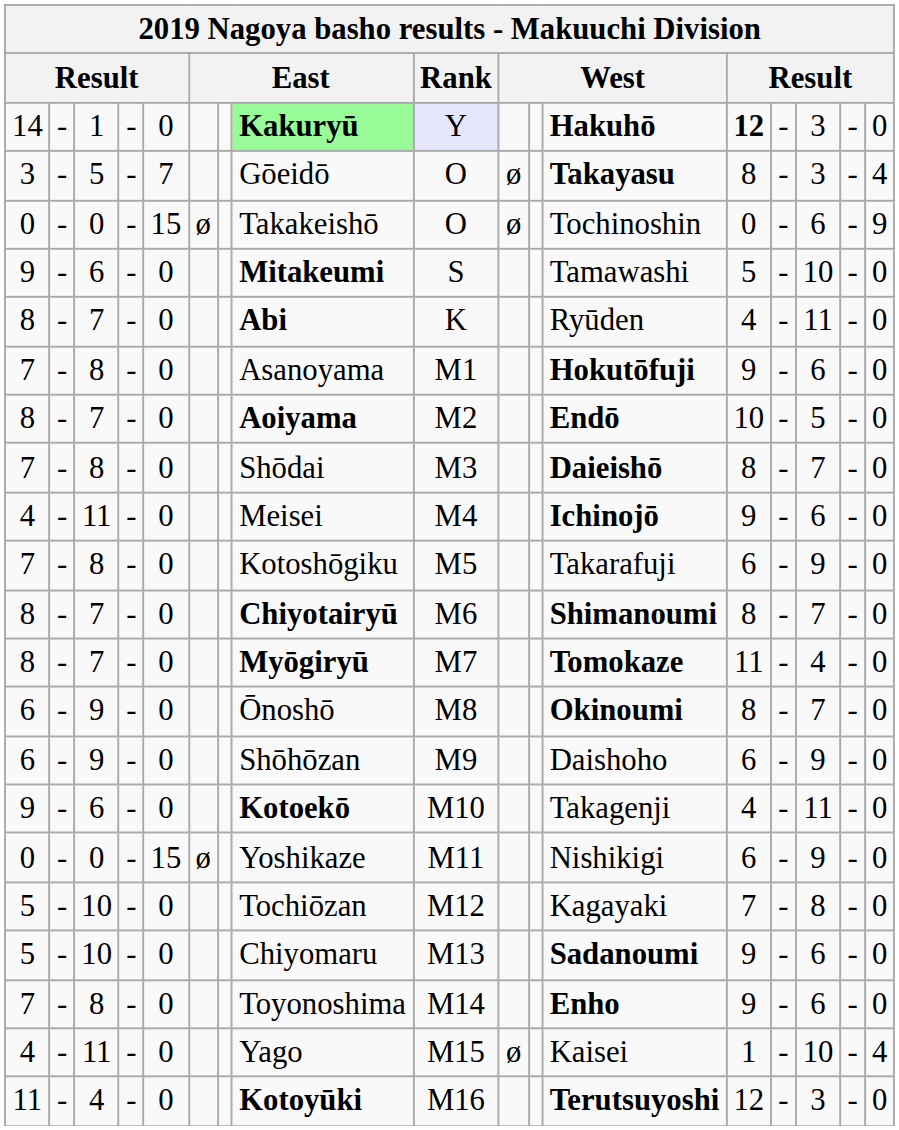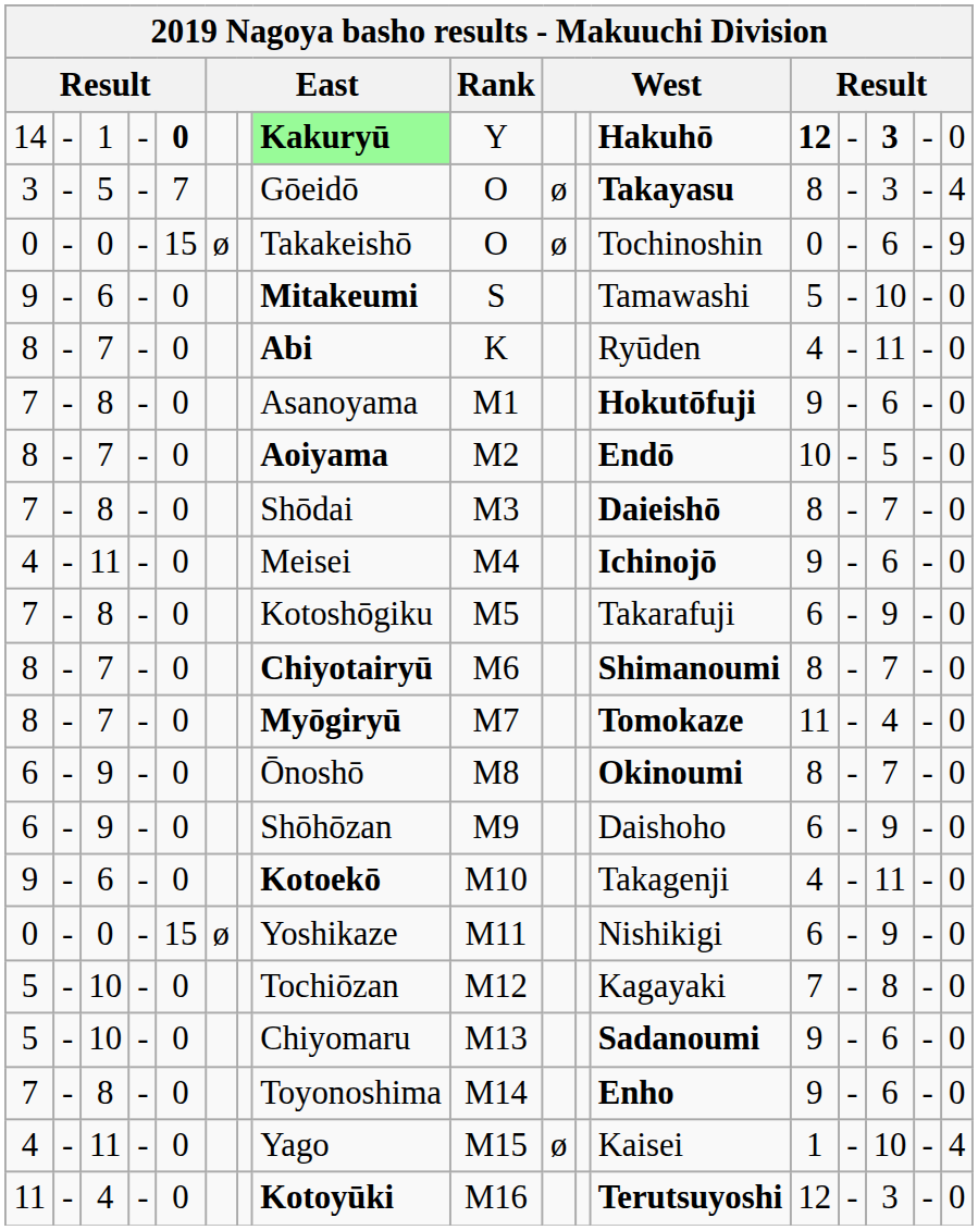 <table class="wikitable">
 <tr>
 <th colspan="17">2019 Nagoya basho results - Makuuchi Division</th>
 </tr>
 <tr>
 <th colspan="5">Result</th>
 <th colspan="3">East</th>
 <th>Rank</th>
 <th colspan="3">West</th>
 <th colspan="5">Result</th>
 </tr>
 <tr>
 <td align=center>14</td>
 <td align=center>-</td>
 <td align=center>1</td>
 <td align=center>-</td>
-<td align=center>0</td>
+<td align=center><strong>0</strong></td>
 <td align=center></td>
 <td align=center></td>
 <td style="background: PaleGreen;"><strong>Kakuryū</strong></td>
-<td align=center style="background: lavender;">Y</td>
+<td align=center>Y</td>
 <td align=center></td>
 <td align=center></td>
 <td><strong>Hakuhō</strong></td>
 <td align=center><strong>12</strong></td>
 <td align=center>-</td>
-<td align=center>3</td>
+<td align=center><strong>3</strong></td>
 <td align=center>-</td>
 <td align=center>0</td>
 </tr>
 <tr>
 <td align=center>3</td>
 <td align=center>-</td>
 <td align=center>5</td>
 <td align=center>-</td>
 <td align=center>7</td>
 <td align=center></td>
 <td align=center></td>
 <td>Gōeidō</td>
 <td align=center>O</td>
 <td align=center>ø</td>
 <td align=center></td>
 <td><strong>Takayasu</strong></td>
 <td align=center>8</td>
 <td align=center>-</td>
 <td align=center>3</td>
 <td align=center>-</td>
 <td align=center>4</td>
 </tr>
 <tr>
 <td align=center>0</td>
 <td align=center>-</td>
 <td align=center>0</td>
 <td align=center>-</td>
 <td align=center>15</td>
 <td align=center>ø</td>
 <td align=center></td>
 <td>Takakeishō</td>
 <td align=center>O</td>
 <td align=center>ø</td>
 <td align=center></td>
 <td>Tochinoshin</td>
 <td align=center>0</td>
 <td align=center>-</td>
 <td align=center>6</td>
 <td align=center>-</td>
 <td align=center>9</td>
 </tr>
 <tr>
 <td align=center>9</td>
 <td align=center>-</td>
 <td align=center>6</td>
 <td align=center>-</td>
 <td align=center>0</td>
 <td align=center></td>
 <td align=center></td>
 <td><strong>Mitakeumi</strong></td>
 <td align=center>S</td>
 <td align=center></td>
 <td align=center></td>
 <td>Tamawashi</td>
 <td align=center>5</td>
 <td align=center>-</td>
 <td align=center>10</td>
 <td align=center>-</td>
 <td align=center>0</td>
 </tr>
 <tr>
 <td align=center>8</td>
 <td align=center>-</td>
 <td align=center>7</td>
 <td align=center>-</td>
 <td align=center>0</td>
 <td align=center></td>
 <td align=center></td>
 <td><strong>Abi</strong></td>
 <td align=center>K</td>
 <td align=center></td>
 <td align=center></td>
 <td>Ryūden</td>
 <td align=center>4</td>
 <td align=center>-</td>
 <td align=center>11</td>
 <td align=center>-</td>
 <td align=center>0</td>
 </tr>
 <tr>
 <td align=center>7</td>
 <td align=center>-</td>
 <td align=center>8</td>
 <td align=center>-</td>
 <td align=center>0</td>
 <td align=center></td>
 <td align=center></td>
 <td>Asanoyama</td>
 <td align=center>M1</td>
 <td align=center></td>
 <td align=center></td>
 <td><strong>Hokutōfuji</strong></td>
 <td align=center>9</td>
 <td align=center>-</td>
 <td align=center>6</td>
 <td align=center>-</td>
 <td align=center>0</td>
 </tr>
 <tr>
 <td align=center>8</td>
 <td align=center>-</td>
 <td align=center>7</td>
 <td align=center>-</td>
 <td align=center>0</td>
 <td align=center></td>
 <td align=center></td>
 <td><strong>Aoiyama</strong></td>
 <td align=center>M2</td>
 <td align=center></td>
 <td align=center></td>
 <td><strong>Endō</strong></td>
 <td align=center>10</td>
 <td align=center>-</td>
 <td align=center>5</td>
 <td align=center>-</td>
 <td align=center>0</td>
 </tr>
 <tr>
 <td align=center>7</td>
 <td align=center>-</td>
 <td align=center>8</td>
 <td align=center>-</td>
 <td align=center>0</td>
 <td align=center></td>
 <td align=center></td>
 <td>Shōdai</td>
 <td align=center>M3</td>
 <td align=center></td>
 <td align=center></td>
 <td><strong>Daieishō</strong></td>
 <td align=center>8</td>
 <td align=center>-</td>
 <td align=center>7</td>
 <td align=center>-</td>
 <td align=center>0</td>
 </tr>
 <tr>
 <td align=center>4</td>
 <td align=center>-</td>
 <td align=center>11</td>
 <td align=center>-</td>
 <td align=center>0</td>
 <td align=center></td>
 <td align=center></td>
 <td>Meisei</td>
 <td align=center>M4</td>
 <td align=center></td>
 <td align=center></td>
 <td><strong>Ichinojō</strong></td>
 <td align=center>9</td>
 <td align=center>-</td>
 <td align=center>6</td>
 <td align=center>-</td>
 <td align=center>0</td>
 </tr>
 <tr>
 <td align=center>7</td>
 <td align=center>-</td>
 <td align=center>8</td>
 <td align=center>-</td>
 <td align=center>0</td>
 <td align=center></td>
 <td align=center></td>
 <td>Kotoshōgiku</td>
 <td align=center>M5</td>
 <td align=center></td>
 <td align=center></td>
 <td>Takarafuji</td>
 <td align=center>6</td>
 <td align=center>-</td>
 <td align=center>9</td>
 <td align=center>-</td>
 <td align=center>0</td>
 </tr>
 <tr>
 <td align=center>8</td>
 <td align=center>-</td>
 <td align=center>7</td>
 <td align=center>-</td>
 <td align=center>0</td>
 <td align=center></td>
 <td align=center></td>
 <td><strong>Chiyotairyū</strong></td>
 <td align=center>M6</td>
 <td align=center></td>
 <td align=center></td>
 <td><strong>Shimanoumi</strong></td>
 <td align=center>8</td>
 <td align=center>-</td>
 <td align=center>7</td>
 <td align=center>-</td>
 <td align=center>0</td>
 </tr>
 <tr>
 <td align=center>8</td>
 <td align=center>-</td>
 <td align=center>7</td>
 <td align=center>-</td>
 <td align=center>0</td>
 <td align=center></td>
 <td align=center></td>
 <td><strong>Myōgiryū</strong></td>
 <td align=center>M7</td>
 <td align=center></td>
 <td align=center></td>
 <td><strong>Tomokaze</strong></td>
 <td align=center>11</td>
 <td align=center>-</td>
 <td align=center>4</td>
 <td align=center>-</td>
 <td align=center>0</td>
 </tr>
 <tr>
 <td align=center>6</td>
 <td align=center>-</td>
 <td align=center>9</td>
 <td align=center>-</td>
 <td align=center>0</td>
 <td align=center></td>
 <td align=center></td>
 <td>Ōnoshō</td>
 <td align=center>M8</td>
 <td align=center></td>
 <td align=center></td>
 <td><strong>Okinoumi</strong></td>
 <td align=center>8</td>
 <td align=center>-</td>
 <td align=center>7</td>
 <td align=center>-</td>
 <td align=center>0</td>
 </tr>
 <tr>
 <td align=center>6</td>
 <td align=center>-</td>
 <td align=center>9</td>
 <td align=center>-</td>
 <td align=center>0</td>
 <td align=center></td>
 <td align=center></td>
 <td>Shōhōzan</td>
 <td align=center>M9</td>
 <td align=center></td>
 <td align=center></td>
 <td>Daishoho</td>
 <td align=center>6</td>
 <td align=center>-</td>
 <td align=center>9</td>
 <td align=center>-</td>
 <td align=center>0</td>
 </tr>
 <tr>
 <td align=center>9</td>
 <td align=center>-</td>
 <td align=center>6</td>
 <td align=center>-</td>
 <td align=center>0</td>
 <td align=center></td>
 <td align=center></td>
 <td><strong>Kotoekō</strong></td>
 <td align=center>M10</td>
 <td align=center></td>
 <td align=center></td>
 <td>Takagenji</td>
 <td align=center>4</td>
 <td align=center>-</td>
 <td align=center>11</td>
 <td align=center>-</td>
 <td align=center>0</td>
 </tr>
 <tr>
 <td align=center>0</td>
 <td align=center>-</td>
 <td align=center>0</td>
 <td align=center>-</td>
 <td align=center>15</td>
 <td align=center>ø</td>
 <td align=center></td>
 <td>Yoshikaze</td>
 <td align=center>M11</td>
 <td align=center></td>
 <td align=center></td>
 <td>Nishikigi</td>
 <td align=center>6</td>
 <td align=center>-</td>
 <td align=center>9</td>
 <td align=center>-</td>
 <td align=center>0</td>
 </tr>
 <tr>
 <td align=center>5</td>
 <td align=center>-</td>
 <td align=center>10</td>
 <td align=center>-</td>
 <td align=center>0</td>
 <td align=center></td>
 <td align=center></td>
 <td>Tochiōzan</td>
 <td align=center>M12</td>
 <td align=center></td>
 <td align=center></td>
 <td>Kagayaki</td>
 <td align=center>7</td>
 <td align=center>-</td>
 <td align=center>8</td>
 <td align=center>-</td>
 <td align=center>0</td>
 </tr>
 <tr>
 <td align=center>5</td>
 <td align=center>-</td>
 <td align=center>10</td>
 <td align=center>-</td>
 <td align=center>0</td>
 <td align=center></td>
 <td align=center></td>
 <td>Chiyomaru</td>
 <td align=center>M13</td>
 <td align=center></td>
 <td align=center></td>
 <td><strong>Sadanoumi</strong></td>
 <td align=center>9</td>
 <td align=center>-</td>
 <td align=center>6</td>
 <td align=center>-</td>
 <td align=center>0</td>
 </tr>
 <tr>
 <td align=center>7</td>
 <td align=center>-</td>
 <td align=center>8</td>
 <td align=center>-</td>
 <td align=center>0</td>
 <td align=center></td>
 <td align=center></td>
 <td>Toyonoshima</td>
 <td align=center>M14</td>
 <td align=center></td>
 <td align=center></td>
 <td><strong>Enho</strong></td>
 <td align=center>9</td>
 <td align=center>-</td>
 <td align=center>6</td>
 <td align=center>-</td>
 <td align=center>0</td>
 </tr>
 <tr>
 <td align=center>4</td>
 <td align=center>-</td>
 <td align=center>11</td>
 <td align=center>-</td>
 <td align=center>0</td>
 <td align=center></td>
 <td align=center></td>
 <td>Yago</td>
 <td align=center>M15</td>
 <td align=center>ø</td>
 <td align=center></td>
 <td>Kaisei</td>
 <td align=center>1</td>
 <td align=center>-</td>
 <td align=center>10</td>
 <td align=center>-</td>
 <td align=center>4</td>
 </tr>
 <tr>
 <td align=center>11</td>
 <td align=center>-</td>
 <td align=center>4</td>
 <td align=center>-</td>
 <td align=center>0</td>
 <td align=center></td>
 <td align=center></td>
 <td><strong>Kotoyūki</strong></td>
 <td align=center>M16</td>
 <td align=center></td>
 <td align=center></td>
 <td><strong>Terutsuyoshi</strong></td>
 <td align=center>12</td>
 <td align=center>-</td>
 <td align=center>3</td>
 <td align=center>-</td>
 <td align=center>0</td>
 </tr>
 </table>
